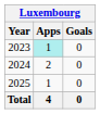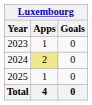 <table class="wikitable" style="text-align:center">
 <tr>
 <th colspan=3><a href='#'>Luxembourg</a></th>
 </tr>
 <tr>
 <th>Year</th>
 <th>Apps</th>
 <th>Goals</th>
 </tr>
 <tr>
 <td>2023</td>
-<td style="background: paleturquoise;">1</td>
+<td>1</td>
 <td>0</td>
 </tr>
 <tr>
 <td>2024</td>
-<td>2</td>
+<td style="background: khaki;">2</td>
 <td>0</td>
 </tr>
 <tr>
 <td>2025</td>
 <td>1</td>
 <td>0</td>
 </tr>
 <tr>
 <th>Total</th>
 <th>4</th>
 <th>0</th>
 </tr>
 </table>
